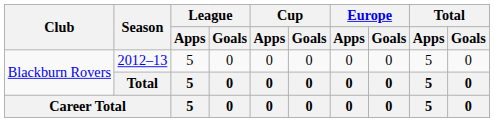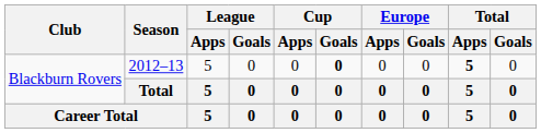 <table class="wikitable" style="text-align: center;">
 <tr>
 <th rowspan="2">Club</th>
 <th rowspan="2">Season</th>
 <th colspan="2">League</th>
 <th colspan="2">Cup</th>
 <th colspan="2"><a href='#'>Europe</a></th>
 <th colspan="2">Total</th>
 </tr>
 <tr>
 <th>Apps</th>
 <th>Goals</th>
 <th>Apps</th>
 <th>Goals</th>
 <th>Apps</th>
 <th>Goals</th>
 <th>Apps</th>
 <th>Goals</th>
 </tr>
 <tr>
 <td rowspan="2"><a href='#'>Blackburn Rovers</a></td>
 <td><a href='#'>2012–13</a></td>
 <td>5</td>
 <td>0</td>
 <td>0</td>
+<td><strong>0</strong></td>
 <td>0</td>
 <td>0</td>
-<td>0</td>
-<td>5</td>
+<td><strong>5</strong></td>
 <td>0</td>
 </tr>
 <tr>
 <th colspan="1">Total</th>
 <th>5</th>
 <th>0</th>
 <th>0</th>
 <th>0</th>
 <th>0</th>
 <th>0</th>
 <th>5</th>
 <th>0</th>
 </tr>
 <tr>
 <th colspan="2">Career Total</th>
 <th>5</th>
 <th>0</th>
 <th>0</th>
 <th>0</th>
 <th>0</th>
 <th>0</th>
 <th>5</th>
 <th>0</th>
 </tr>
 </table>
